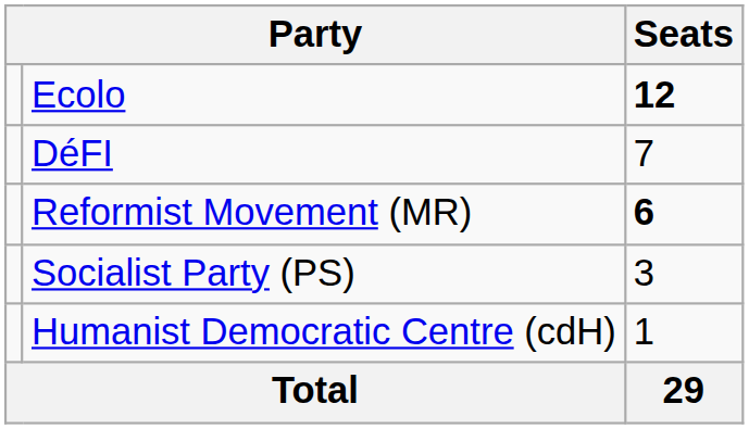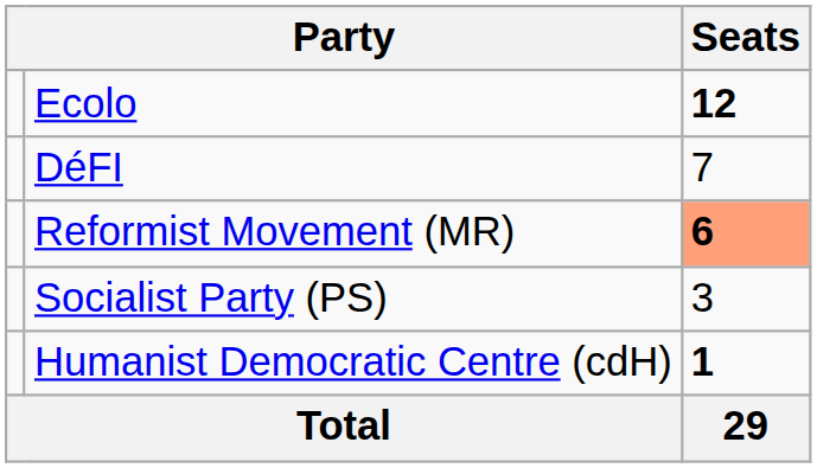 <table class="wikitable">
 <tr>
 <th colspan="2">Party</th>
 <th>Seats</th>
 </tr>
 <tr>
 <td></td>
 <td><a href='#'>Ecolo</a></td>
 <td><strong>12</strong></td>
 </tr>
 <tr>
 <td></td>
 <td><a href='#'>DéFI</a></td>
 <td>7</td>
 </tr>
 <tr>
 <td></td>
 <td><a href='#'>Reformist Movement</a> (MR)</td>
-<td><strong>6</strong></td>
+<td style="background: lightsalmon;"><strong>6</strong></td>
 </tr>
 <tr>
 <td></td>
 <td><a href='#'>Socialist Party</a> (PS)</td>
 <td>3</td>
 </tr>
 <tr>
 <td></td>
 <td><a href='#'>Humanist Democratic Centre</a> (cdH)</td>
-<td>1</td>
+<td><strong>1</strong></td>
 </tr>
 <tr>
 <th colspan="2">Total</th>
 <th>29</th>
 </tr>
 </table>
